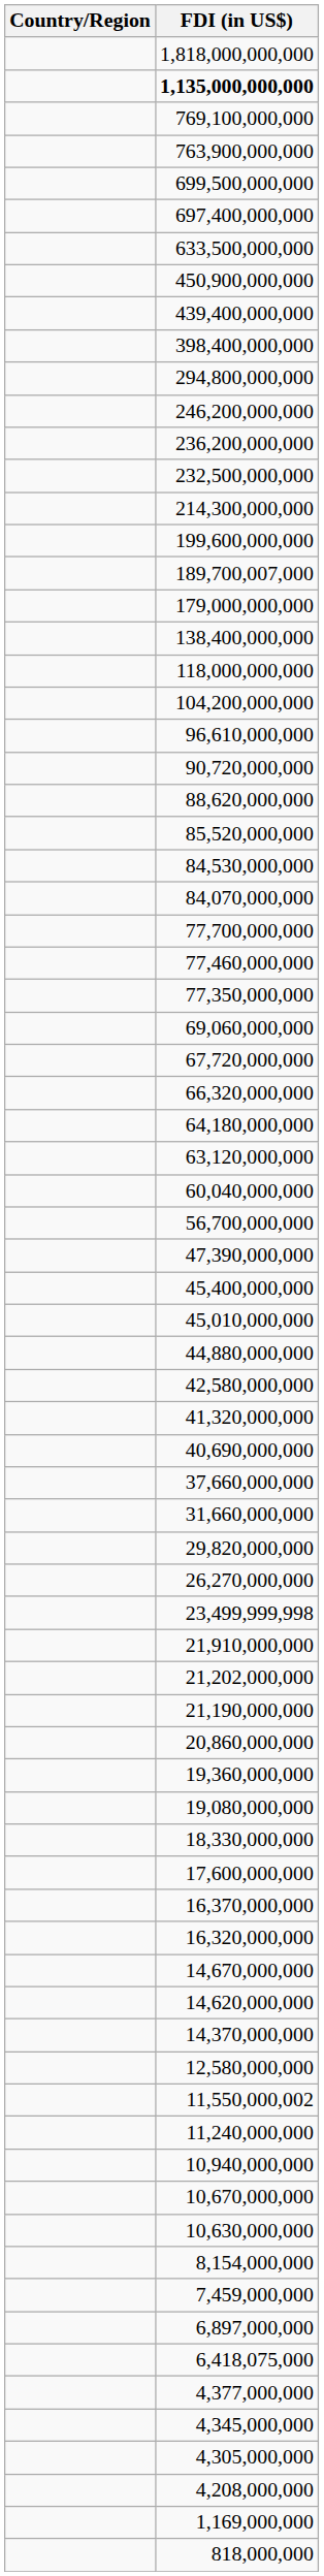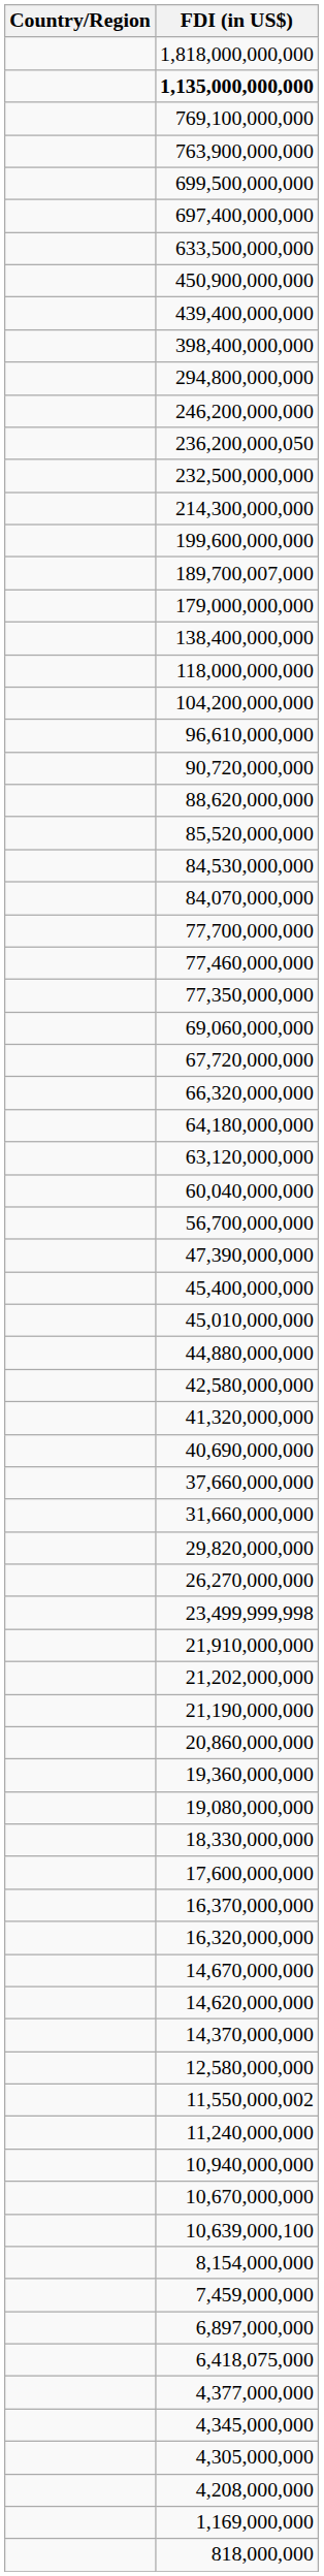 <table class="wikitable sortable static-row-numbers col1left static-row-header-hash" style="text-align:right;">
 <tr>
 <th scope="col">Country/Region</th>
 <th scope="col">FDI (in US$)</th>
 </tr>
 <tr>
 <td></td>
 <td>1,818,000,000,000</td>
 </tr>
 <tr>
 <td></td>
 <td><strong>1,135,000,000,000</strong></td>
 </tr>
 <tr>
 <td></td>
 <td>769,100,000,000</td>
 </tr>
 <tr>
 <td></td>
 <td>763,900,000,000</td>
 </tr>
 <tr>
 <td></td>
 <td>699,500,000,000</td>
 </tr>
 <tr>
 <td></td>
 <td>697,400,000,000</td>
 </tr>
 <tr>
 <td></td>
 <td>633,500,000,000</td>
 </tr>
 <tr>
 <td></td>
 <td>450,900,000,000</td>
 </tr>
 <tr>
 <td></td>
 <td>439,400,000,000</td>
 </tr>
 <tr>
 <td></td>
 <td>398,400,000,000</td>
 </tr>
 <tr>
 <td></td>
 <td>294,800,000,000</td>
 </tr>
 <tr>
 <td></td>
 <td>246,200,000,000</td>
 </tr>
 <tr>
 <td></td>
-<td>236,200,000,000</td>
+<td>236,200,000,050</td>
 </tr>
 <tr>
 <td></td>
 <td>232,500,000,000</td>
 </tr>
 <tr>
 <td></td>
 <td>214,300,000,000</td>
 </tr>
 <tr>
 <td></td>
 <td>199,600,000,000</td>
 </tr>
 <tr>
 <td></td>
 <td>189,700,007,000</td>
 </tr>
 <tr>
 <td></td>
 <td>179,000,000,000</td>
 </tr>
 <tr>
 <td></td>
 <td>138,400,000,000</td>
 </tr>
 <tr>
 <td></td>
 <td>118,000,000,000</td>
 </tr>
 <tr>
 <td></td>
 <td>104,200,000,000</td>
 </tr>
 <tr>
 <td></td>
 <td>96,610,000,000</td>
 </tr>
 <tr>
 <td></td>
 <td>90,720,000,000</td>
 </tr>
 <tr>
 <td></td>
 <td>88,620,000,000</td>
 </tr>
 <tr>
 <td></td>
 <td>85,520,000,000</td>
 </tr>
 <tr>
 <td></td>
 <td>84,530,000,000</td>
 </tr>
 <tr>
 <td></td>
 <td>84,070,000,000</td>
 </tr>
 <tr>
 <td></td>
 <td>77,700,000,000</td>
 </tr>
 <tr>
 <td></td>
 <td>77,460,000,000</td>
 </tr>
 <tr>
 <td></td>
 <td>77,350,000,000</td>
 </tr>
 <tr>
 <td></td>
 <td>69,060,000,000</td>
 </tr>
 <tr>
 <td></td>
 <td>67,720,000,000</td>
 </tr>
 <tr>
 <td></td>
 <td>66,320,000,000</td>
 </tr>
 <tr>
 <td></td>
 <td>64,180,000,000</td>
 </tr>
 <tr>
 <td></td>
 <td>63,120,000,000</td>
 </tr>
 <tr>
 <td></td>
 <td>60,040,000,000</td>
 </tr>
 <tr>
 <td></td>
 <td>56,700,000,000</td>
 </tr>
 <tr>
 <td></td>
 <td>47,390,000,000</td>
 </tr>
 <tr>
 <td></td>
 <td>45,400,000,000</td>
 </tr>
 <tr>
 <td></td>
 <td>45,010,000,000</td>
 </tr>
 <tr>
 <td></td>
 <td>44,880,000,000</td>
 </tr>
 <tr>
 <td></td>
 <td>42,580,000,000</td>
 </tr>
 <tr>
 <td></td>
 <td>41,320,000,000</td>
 </tr>
 <tr>
 <td></td>
 <td>40,690,000,000</td>
 </tr>
 <tr>
 <td></td>
 <td>37,660,000,000</td>
 </tr>
 <tr>
 <td></td>
 <td>31,660,000,000</td>
 </tr>
 <tr>
 <td></td>
 <td>29,820,000,000</td>
 </tr>
 <tr>
 <td></td>
 <td>26,270,000,000</td>
 </tr>
 <tr>
 <td></td>
 <td>23,499,999,998</td>
 </tr>
 <tr>
 <td></td>
 <td>21,910,000,000</td>
 </tr>
 <tr>
 <td></td>
 <td>21,202,000,000</td>
 </tr>
 <tr>
 <td></td>
 <td>21,190,000,000</td>
 </tr>
 <tr>
 <td></td>
 <td>20,860,000,000</td>
 </tr>
 <tr>
 <td></td>
 <td>19,360,000,000</td>
 </tr>
 <tr>
 <td></td>
 <td>19,080,000,000</td>
 </tr>
 <tr>
 <td></td>
 <td>18,330,000,000</td>
 </tr>
 <tr>
 <td></td>
 <td>17,600,000,000</td>
 </tr>
 <tr>
 <td></td>
 <td>16,370,000,000</td>
 </tr>
 <tr>
 <td></td>
 <td>16,320,000,000</td>
 </tr>
 <tr>
 <td></td>
 <td>14,670,000,000</td>
 </tr>
 <tr>
 <td></td>
 <td>14,620,000,000</td>
 </tr>
 <tr>
 <td></td>
 <td>14,370,000,000</td>
 </tr>
 <tr>
 <td></td>
 <td>12,580,000,000</td>
 </tr>
 <tr>
 <td></td>
 <td>11,550,000,002</td>
 </tr>
 <tr>
 <td></td>
 <td>11,240,000,000</td>
 </tr>
 <tr>
 <td></td>
 <td>10,940,000,000</td>
 </tr>
 <tr>
 <td></td>
 <td>10,670,000,000</td>
 </tr>
 <tr>
 <td></td>
-<td>10,630,000,000</td>
+<td>10,639,000,100</td>
 </tr>
 <tr>
 <td></td>
 <td>8,154,000,000</td>
 </tr>
 <tr>
 <td></td>
 <td>7,459,000,000</td>
 </tr>
 <tr>
 <td></td>
 <td>6,897,000,000</td>
 </tr>
 <tr>
 <td></td>
 <td>6,418,075,000</td>
 </tr>
 <tr>
 <td></td>
 <td>4,377,000,000</td>
 </tr>
 <tr>
 <td></td>
 <td>4,345,000,000</td>
 </tr>
 <tr>
 <td></td>
 <td>4,305,000,000</td>
 </tr>
 <tr>
 <td></td>
 <td>4,208,000,000</td>
 </tr>
 <tr>
 <td></td>
 <td>1,169,000,000</td>
 </tr>
 <tr>
 <td></td>
 <td>818,000,000</td>
 </tr>
 </table>
